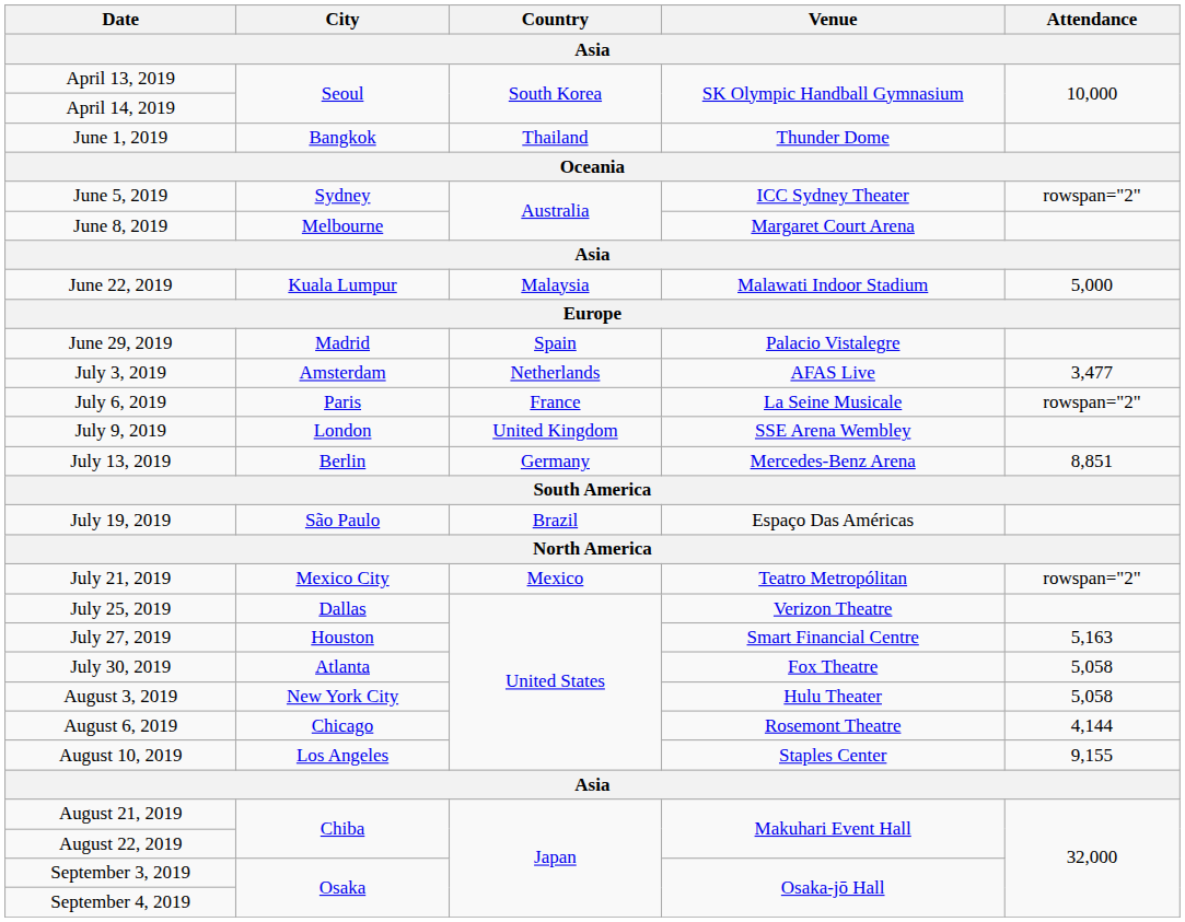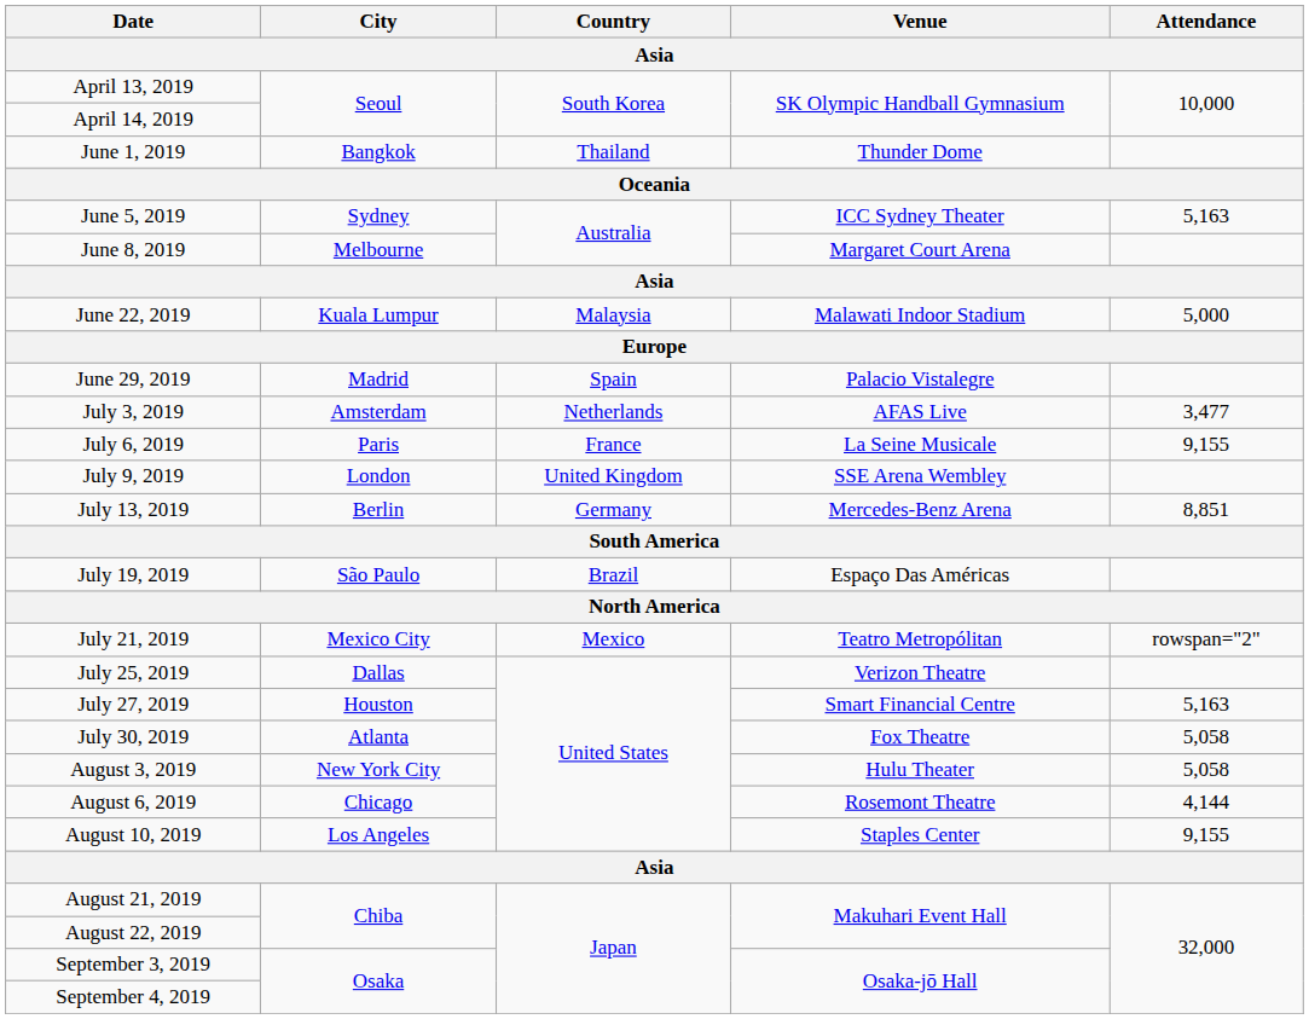 <table class="wikitable" style="text-align:center;">
 <tr>
 <th scope="col" style="width:12em;">Date</th>
 <th scope="col" style="width:11em;">City</th>
 <th scope="col" style="width:11em;">Country</th>
 <th scope="col" style="width:18em;">Venue</th>
 <th scope="col" style="width:9em;">Attendance</th>
 </tr>
 <tr>
 <th colspan="5" align="center"><strong>Asia</strong></th>
 </tr>
 <tr>
 <td align="center">April 13, 2019</td>
 <td rowspan="2" align="center"><a href='#'>Seoul</a></td>
 <td rowspan="2" align="center"><a href='#'>South Korea</a></td>
 <td rowspan="2" align="center"><a href='#'>SK Olympic Handball Gymnasium</a></td>
 <td rowspan="2" align="center">10,000</td>
 </tr>
 <tr>
 <td>April 14, 2019</td>
 </tr>
 <tr>
 <td align="center">June 1, 2019</td>
 <td align="center"><a href='#'>Bangkok</a></td>
 <td align="center"><a href='#'>Thailand</a></td>
 <td align="center"><a href='#'>Thunder Dome</a></td>
 <td></td>
 </tr>
 <tr>
 <th colspan="5" align="center"><strong>Oceania</strong></th>
 </tr>
 <tr>
 <td align="center">June 5, 2019</td>
 <td align="center"><a href='#'>Sydney</a></td>
 <td rowspan="2" align="center"><a href='#'>Australia</a></td>
 <td align="center"><a href='#'>ICC Sydney Theater</a></td>
-<td>rowspan="2" </td>
+<td align="center">5,163</td>
 </tr>
 <tr>
 <td align="center">June 8, 2019</td>
 <td align="center"><a href='#'>Melbourne</a></td>
 <td align="center"><a href='#'>Margaret Court Arena</a></td>
 </tr>
 <tr>
 <th colspan="5" align="center"><strong>Asia</strong></th>
 </tr>
 <tr>
 <td align="center">June 22, 2019</td>
 <td align="center"><a href='#'>Kuala Lumpur</a></td>
 <td align="center"><a href='#'>Malaysia</a></td>
 <td align="center"><a href='#'>Malawati Indoor Stadium</a></td>
 <td>5,000</td>
 </tr>
 <tr>
 <th colspan="5" align="center"><strong>Europe</strong></th>
 </tr>
 <tr>
 <td align="center">June 29, 2019</td>
 <td align="center"><a href='#'>Madrid</a></td>
 <td align="center"><a href='#'>Spain</a></td>
 <td align="center"><a href='#'>Palacio Vistalegre</a></td>
 <td></td>
 </tr>
 <tr>
 <td align="center">July 3, 2019</td>
 <td align="center"><a href='#'>Amsterdam</a></td>
 <td align="center"><a href='#'>Netherlands</a></td>
 <td align="center"><a href='#'>AFAS Live</a></td>
 <td align="center">3,477</td>
 </tr>
 <tr>
 <td align="center">July 6, 2019</td>
 <td align="center"><a href='#'>Paris</a></td>
 <td align="center"><a href='#'>France</a></td>
 <td align="center"><a href='#'>La Seine Musicale</a></td>
-<td>rowspan="2" </td>
+<td align="center">9,155</td>
 </tr>
 <tr>
 <td align="center">July 9, 2019</td>
 <td align="center"><a href='#'>London</a></td>
 <td align="center"><a href='#'>United Kingdom</a></td>
 <td align="center"><a href='#'>SSE Arena Wembley</a></td>
 </tr>
 <tr>
 <td align="center">July 13, 2019</td>
 <td align="center"><a href='#'>Berlin</a></td>
 <td align="center"><a href='#'>Germany</a></td>
 <td align="center"><a href='#'>Mercedes-Benz Arena</a></td>
 <td align="center">8,851</td>
 </tr>
 <tr>
 <th colspan="5" align="center"><strong>South America</strong></th>
 </tr>
 <tr>
 <td align="center">July 19, 2019</td>
 <td align="center"><a href='#'>São Paulo</a></td>
 <td align="center"><a href='#'>Brazil</a></td>
 <td align="center">Espaço Das Américas</td>
 <td></td>
 </tr>
 <tr>
 <th colspan="5" align="center"><strong>North America</strong></th>
 </tr>
 <tr>
 <td align="center">July 21, 2019</td>
 <td align="center"><a href='#'>Mexico City</a></td>
 <td align="center"><a href='#'>Mexico</a></td>
 <td align="center"><a href='#'>Teatro Metropólitan</a></td>
 <td>rowspan="2" </td>
 </tr>
 <tr>
 <td align="center">July 25, 2019</td>
 <td align="center"><a href='#'>Dallas</a></td>
 <td rowspan="6" align="center"><a href='#'>United States</a></td>
 <td align="center"><a href='#'>Verizon Theatre</a></td>
 </tr>
 <tr>
 <td align="center">July 27, 2019</td>
 <td align="center"><a href='#'>Houston</a></td>
 <td align="center"><a href='#'>Smart Financial Centre</a></td>
 <td align="center">5,163</td>
 </tr>
 <tr>
 <td align="center">July 30, 2019</td>
 <td align="center"><a href='#'>Atlanta</a></td>
 <td align="center"><a href='#'>Fox Theatre</a></td>
 <td align="center">5,058</td>
 </tr>
 <tr>
 <td align="center">August 3, 2019</td>
 <td align="center"><a href='#'>New York City</a></td>
 <td align="center"><a href='#'>Hulu Theater</a></td>
 <td align="center">5,058</td>
 </tr>
 <tr>
 <td align="center">August 6, 2019</td>
 <td align="center"><a href='#'>Chicago</a></td>
 <td align="center"><a href='#'>Rosemont Theatre</a></td>
 <td align="center">4,144</td>
 </tr>
 <tr>
 <td align="center">August 10, 2019</td>
 <td align="center"><a href='#'>Los Angeles</a></td>
 <td align="center"><a href='#'>Staples Center</a></td>
 <td align="center">9,155</td>
 </tr>
 <tr>
 <th colspan="5" align="center"><strong>Asia</strong></th>
 </tr>
 <tr>
 <td align="center">August 21, 2019</td>
 <td rowspan="2" align="center"><a href='#'>Chiba</a></td>
 <td rowspan="4" align="center"><a href='#'>Japan</a></td>
 <td rowspan="2" align="center"><a href='#'>Makuhari Event Hall</a></td>
 <td rowspan="4">32,000</td>
 </tr>
 <tr>
 <td>August 22, 2019</td>
 </tr>
 <tr>
 <td align="center">September 3, 2019</td>
 <td rowspan="2" align="center"><a href='#'>Osaka</a></td>
 <td rowspan="2" align="center"><a href='#'>Osaka-jō Hall</a></td>
 </tr>
 <tr>
 <td>September 4, 2019</td>
 </tr>
 </table>
